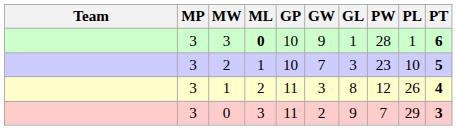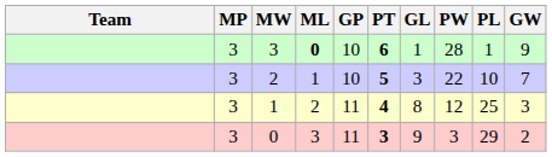 <table class=wikitable style="text-align:center">
 <tr>
 <th width=175>Team</th>
 <th width=20>MP</th>
 <th width=20>MW</th>
 <th width=20>ML</th>
 <th width=20>GP</th>
-<th width=20>GW</th>
+<th width=20>PT</th>
 <th width=20>GL</th>
 <th width=20>PW</th>
 <th width=20>PL</th>
-<th width=20>PT</th>
+<th width=20>GW</th>
 </tr>
 <tr style="background-color:#ccffcc;">
 <td style="text-align:left;"></td>
 <td>3</td>
 <td>3</td>
 <td><strong>0</strong></td>
 <td>10</td>
-<td>9</td>
+<td><strong>6</strong></td>
 <td>1</td>
 <td>28</td>
 <td>1</td>
-<td><strong>6</strong></td>
+<td>9</td>
 </tr>
 <tr style="background-color:#ccccff;">
 <td style="text-align:left;"></td>
 <td>3</td>
 <td>2</td>
 <td>1</td>
 <td>10</td>
+<td><strong>5</strong></td>
+<td>3</td>
+<td>22</td>
+<td>10</td>
 <td>7</td>
-<td>3</td>
-<td>23</td>
-<td>10</td>
-<td><strong>5</strong></td>
 </tr>
 <tr style="background-color:#ffffcc;">
 <td style="text-align:left;"></td>
 <td>3</td>
 <td>1</td>
 <td>2</td>
 <td>11</td>
-<td>3</td>
+<td><strong>4</strong></td>
 <td>8</td>
 <td>12</td>
-<td>26</td>
-<td><strong>4</strong></td>
+<td>25</td>
+<td>3</td>
 </tr>
 <tr style="background-color:#ffcccc;">
 <td style="text-align:left;"></td>
 <td>3</td>
 <td>0</td>
 <td>3</td>
 <td>11</td>
+<td><strong>3</strong></td>
+<td>9</td>
+<td>3</td>
+<td>29</td>
 <td>2</td>
-<td>9</td>
-<td>7</td>
-<td>29</td>
-<td><strong>3</strong></td>
 </tr>
 </table>
